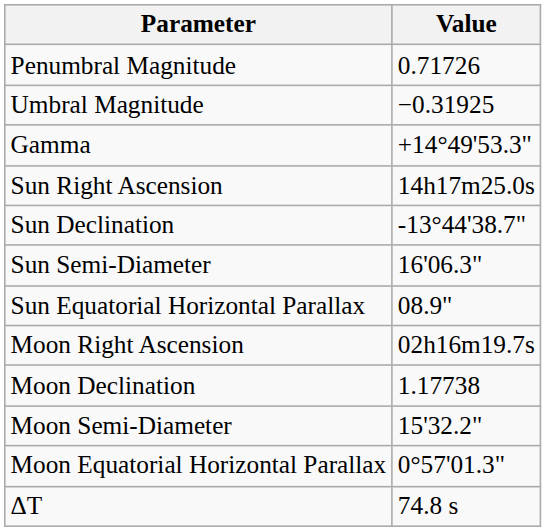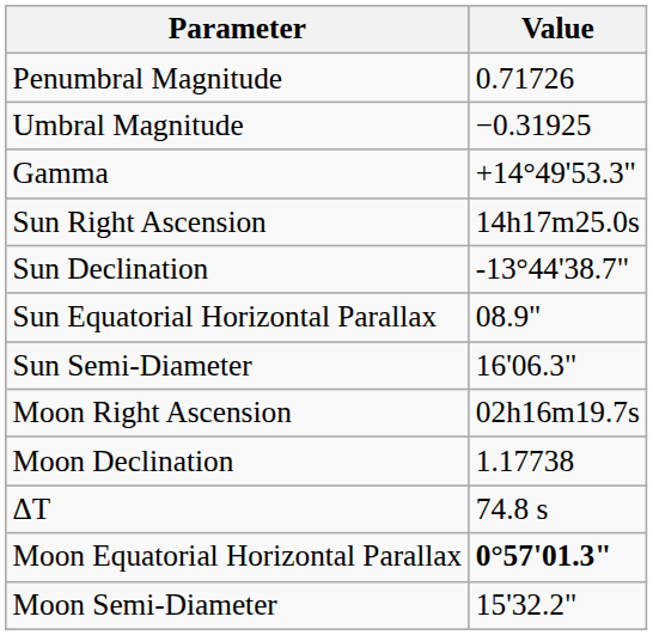 <table class="wikitable">
 <tr>
 <th>Parameter</th>
 <th>Value</th>
 </tr>
 <tr>
 <td>Penumbral Magnitude</td>
 <td>0.71726</td>
 </tr>
 <tr>
 <td>Umbral Magnitude</td>
 <td>−0.31925</td>
 </tr>
 <tr>
 <td>Gamma</td>
 <td>+14°49'53.3"</td>
 </tr>
 <tr>
 <td>Sun Right Ascension</td>
 <td>14h17m25.0s</td>
 </tr>
 <tr>
 <td>Sun Declination</td>
 <td>-13°44'38.7"</td>
 </tr>
 <tr>
+<td>Sun Equatorial Horizontal Parallax</td>
+<td>08.9"</td>
+</tr>
+<tr>
 <td>Sun Semi-Diameter</td>
 <td>16'06.3"</td>
-</tr>
-<tr>
-<td>Sun Equatorial Horizontal Parallax</td>
-<td>08.9"</td>
 </tr>
 <tr>
 <td>Moon Right Ascension</td>
 <td>02h16m19.7s</td>
 </tr>
 <tr>
 <td>Moon Declination</td>
 <td>1.17738</td>
 </tr>
 <tr>
+<td>ΔT</td>
+<td>74.8 s</td>
+</tr>
+<tr>
+<td>Moon Equatorial Horizontal Parallax</td>
+<td><strong>0°57'01.3"</strong></td>
+</tr>
+<tr>
 <td>Moon Semi-Diameter</td>
 <td>15'32.2"</td>
 </tr>
-<tr>
-<td>Moon Equatorial Horizontal Parallax</td>
-<td>0°57'01.3"</td>
-</tr>
-<tr>
-<td>ΔT</td>
-<td>74.8 s</td>
-</tr>
 </table>
